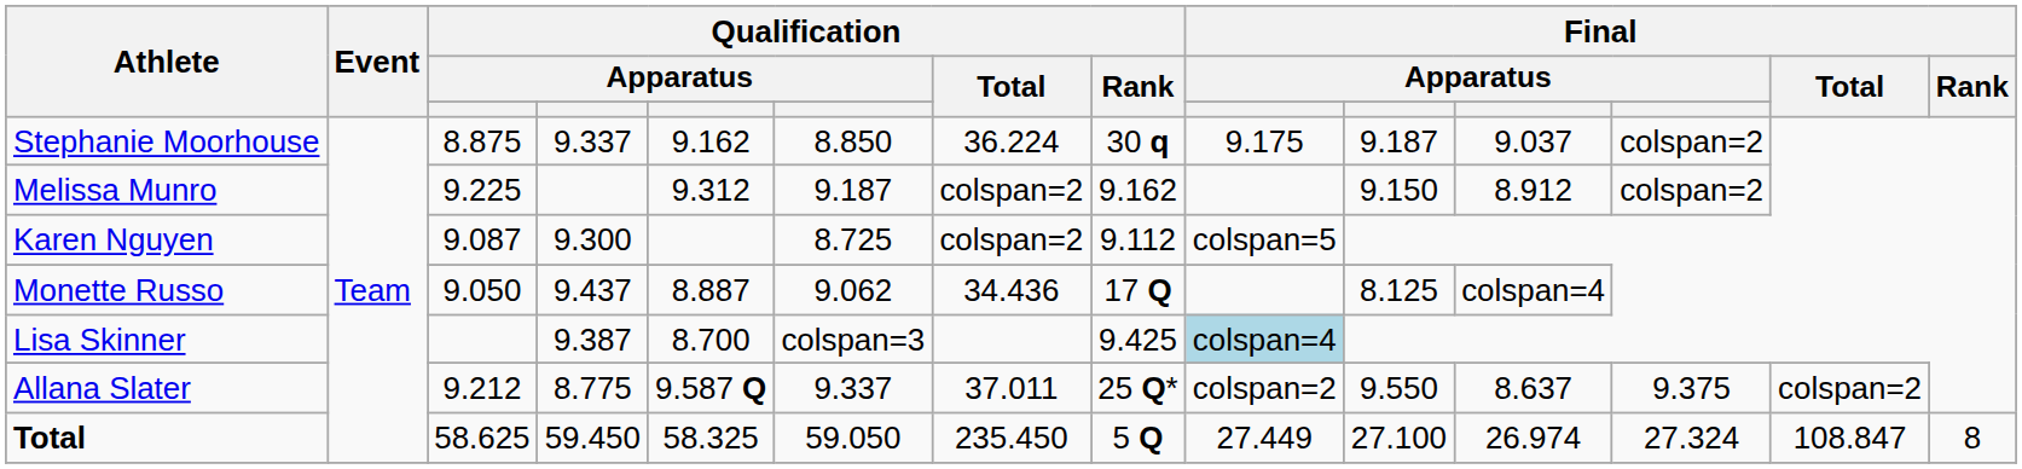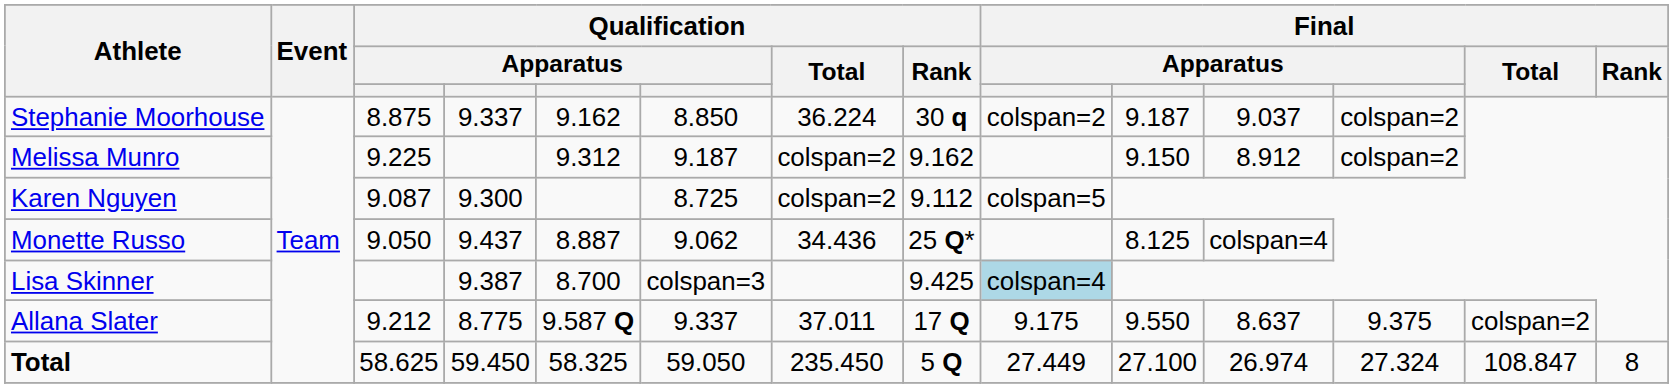 <table class="wikitable" style="font-size:90%">
 <tr>
 <th rowspan="3">Athlete</th>
 <th rowspan="3">Event</th>
 <th colspan=6>Qualification</th>
 <th colspan=6>Final</th>
 </tr>
 <tr style="font-size:95%">
 <th colspan=4>Apparatus</th>
 <th rowspan=2>Total</th>
 <th rowspan=2>Rank</th>
 <th colspan=4>Apparatus</th>
 <th rowspan=2>Total</th>
 <th rowspan=2>Rank</th>
 </tr>
 <tr style="font-size:95%">
 <th></th>
 <th></th>
 <th></th>
 <th></th>
 <th></th>
 <th></th>
 <th></th>
 <th></th>
 </tr>
 <tr align=center>
 <td align=left><a href='#'>Stephanie Moorhouse</a></td>
 <td align=left rowspan=7><a href='#'>Team</a></td>
 <td>8.875</td>
 <td>9.337</td>
 <td>9.162</td>
 <td>8.850</td>
 <td>36.224</td>
 <td>30 <strong>q</strong></td>
-<td>9.175</td>
+<td>colspan=2 </td>
 <td>9.187</td>
 <td>9.037</td>
 <td>colspan=2 </td>
 </tr>
 <tr align=center>
 <td align=left><a href='#'>Melissa Munro</a></td>
 <td>9.225</td>
 <td></td>
 <td>9.312</td>
 <td>9.187</td>
 <td>colspan=2 </td>
 <td>9.162</td>
 <td></td>
 <td>9.150</td>
 <td>8.912</td>
 <td>colspan=2 </td>
 </tr>
 <tr align=center>
 <td align=left><a href='#'>Karen Nguyen</a></td>
 <td>9.087</td>
 <td>9.300</td>
 <td></td>
 <td>8.725</td>
 <td>colspan=2 </td>
 <td>9.112</td>
 <td>colspan=5 </td>
 </tr>
 <tr align=center>
 <td align=left><a href='#'>Monette Russo</a></td>
 <td>9.050</td>
 <td>9.437</td>
 <td>8.887</td>
 <td>9.062</td>
 <td>34.436</td>
-<td>17 <strong>Q</strong></td>
+<td>25 <strong>Q</strong>*</td>
 <td></td>
 <td>8.125</td>
 <td>colspan=4 </td>
 </tr>
 <tr align=center>
 <td align=left><a href='#'>Lisa Skinner</a></td>
 <td></td>
 <td>9.387</td>
 <td>8.700</td>
 <td>colspan=3 </td>
 <td></td>
 <td>9.425</td>
 <td style="background: lightblue;">colspan=4 </td>
 </tr>
 <tr align=center>
 <td align=left><a href='#'>Allana Slater</a></td>
 <td>9.212</td>
 <td>8.775</td>
 <td>9.587 <strong>Q</strong></td>
 <td>9.337</td>
 <td>37.011</td>
-<td>25 <strong>Q</strong>*</td>
-<td>colspan=2 </td>
+<td>17 <strong>Q</strong></td>
+<td>9.175</td>
 <td>9.550</td>
 <td>8.637</td>
 <td>9.375</td>
 <td>colspan=2 </td>
 </tr>
 <tr align=center>
 <td align=left><strong>Total</strong></td>
 <td>58.625</td>
 <td>59.450</td>
 <td>58.325</td>
 <td>59.050</td>
 <td>235.450</td>
 <td>5 <strong>Q</strong></td>
 <td>27.449</td>
 <td>27.100</td>
 <td>26.974</td>
 <td>27.324</td>
 <td>108.847</td>
 <td>8</td>
 </tr>
 </table>
